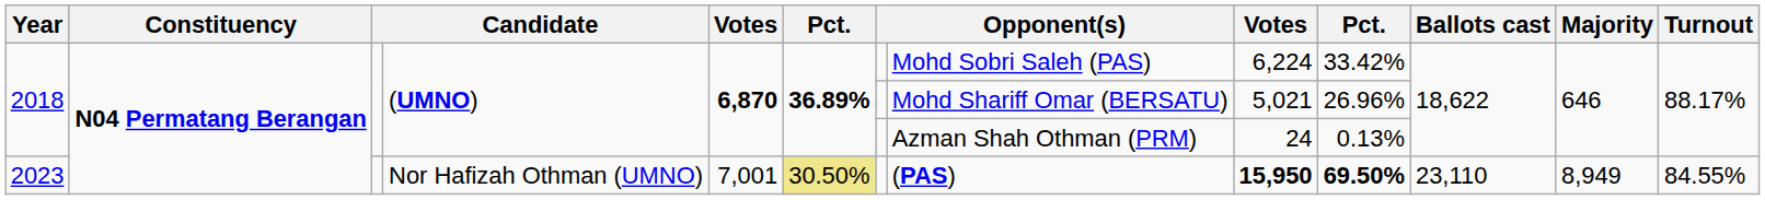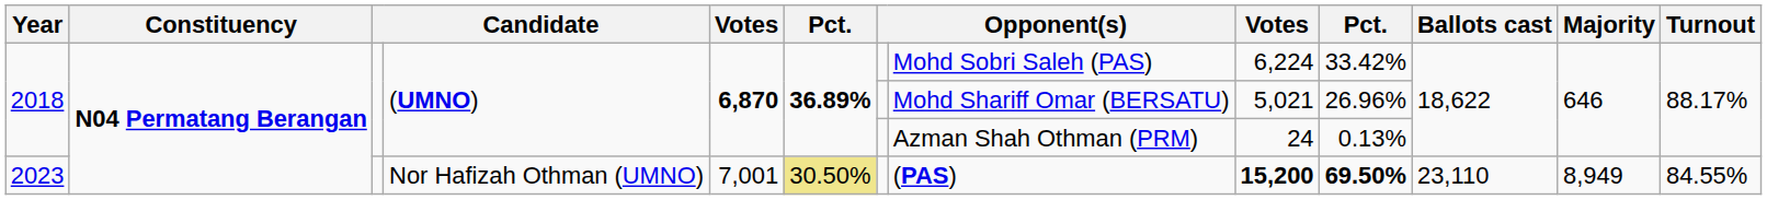 <table class="wikitable" style="margin:0.5em ; font-size:95%">
 <tr>
 <th>Year</th>
 <th>Constituency</th>
 <th colspan="2">Candidate</th>
 <th>Votes</th>
 <th>Pct.</th>
 <th colspan="2">Opponent(s)</th>
 <th>Votes</th>
 <th>Pct.</th>
 <th>Ballots cast</th>
 <th>Majority</th>
 <th>Turnout</th>
 </tr>
 <tr>
 <td rowspan="3"><a href='#'>2018</a></td>
 <td rowspan="4"><strong>N04 <a href='#'>Permatang Berangan</a></strong></td>
 <td rowspan="3" ></td>
 <td rowspan="3"> (<a href='#'><strong>UMNO</strong></a>)</td>
 <td rowspan="3" align=right><strong>6,870</strong></td>
 <td rowspan="3"><strong>36.89%</strong></td>
 <td></td>
 <td><a href='#'>Mohd Sobri Saleh</a> (<a href='#'>PAS</a>)</td>
 <td align=right>6,224</td>
 <td>33.42%</td>
 <td rowspan="3">18,622</td>
 <td rowspan="3">646</td>
 <td rowspan="3">88.17%</td>
 </tr>
 <tr>
 <td></td>
 <td><a href='#'>Mohd Shariff Omar</a> (<a href='#'>BERSATU</a>)</td>
 <td align=right>5,021</td>
 <td>26.96%</td>
 </tr>
 <tr>
 <td bgcolor=></td>
 <td>Azman Shah Othman (<a href='#'>PRM</a>)</td>
 <td align=right>24</td>
 <td align=right>0.13%</td>
 </tr>
 <tr>
 <td><a href='#'>2023</a></td>
 <td></td>
 <td>Nor Hafizah Othman (<a href='#'>UMNO</a>)</td>
 <td align=right>7,001</td>
 <td style="background: khaki;">30.50%</td>
 <td></td>
 <td> (<a href='#'><strong>PAS</strong></a>)</td>
-<td align=right><strong>15,950</strong></td>
+<td align=right><strong>15,200</strong></td>
 <td><strong>69.50%</strong></td>
 <td>23,110</td>
 <td>8,949</td>
 <td>84.55%</td>
 </tr>
 </table>
